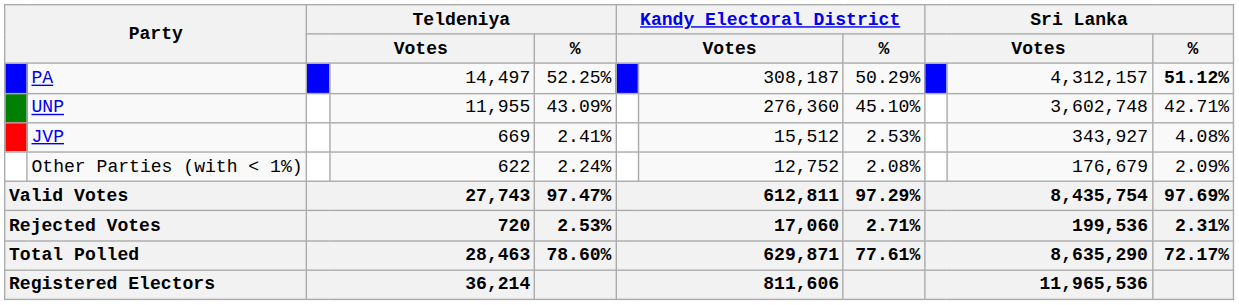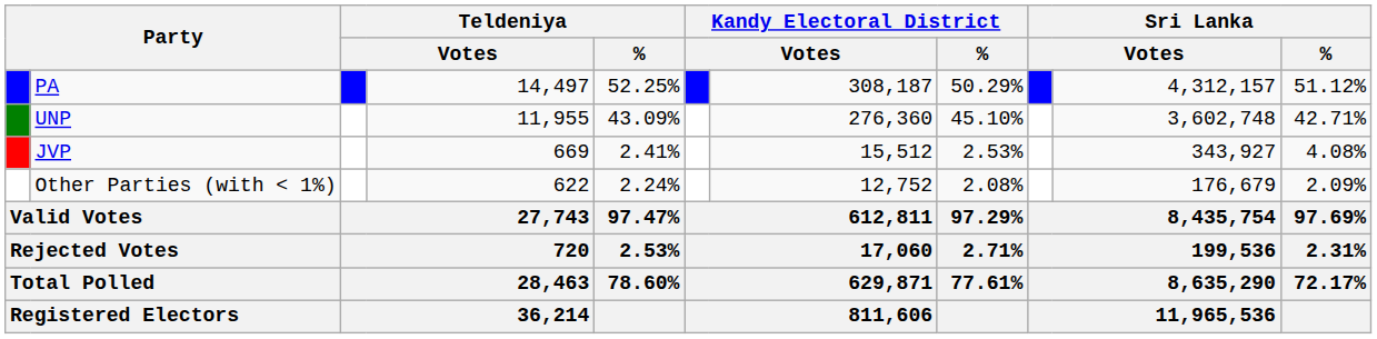 <table class="wikitable">
 <tr>
 <th colspan="2" width="144px"rowspan="2">Party</th>
 <th colspan="3" width="216px">Teldeniya</th>
 <th colspan="3" width="216px"><a href='#'>Kandy Electoral District</a></th>
 <th colspan="3" width="216px">Sri Lanka</th>
 </tr>
 <tr>
 <th colspan="2" width="144px">Votes</th>
 <th>%</th>
 <th colspan="2" width="144px">Votes</th>
 <th>%</th>
 <th colspan="2" width="144px">Votes</th>
 <th>%</th>
 </tr>
 <tr>
 <td style="background-color:blue;" width="10px"></td>
 <td style="text-align:left;"><a href='#'>PA</a></td>
 <td style="background-color:blue;" width="10px"></td>
 <td style="text-align:right;">14,497</td>
 <td style="text-align:right;">52.25%</td>
 <td style="background-color:blue;" width="10px"></td>
 <td style="text-align:right;">308,187</td>
 <td style="text-align:right;">50.29%</td>
 <td style="background-color:blue;" width="10px"></td>
 <td style="text-align:right;">4,312,157</td>
-<td style="text-align:right;"><strong>51.12%</strong></td>
+<td style="text-align:right;">51.12%</td>
 </tr>
 <tr>
 <td style="background-color:green;" width="10px"></td>
 <td style="text-align:left;"><a href='#'>UNP</a></td>
 <td style="background-color:white;" width="10px"></td>
 <td style="text-align:right;">11,955</td>
 <td style="text-align:right;">43.09%</td>
 <td style="background-color:white;" width="10px"></td>
 <td style="text-align:right;">276,360</td>
 <td style="text-align:right;">45.10%</td>
 <td style="background-color:white;" width="10px"></td>
 <td style="text-align:right;">3,602,748</td>
 <td style="text-align:right;">42.71%</td>
 </tr>
 <tr>
 <td style="background-color:red;" width="10px"></td>
 <td style="text-align:left;"><a href='#'>JVP</a></td>
 <td style="background-color:white;" width="10px"></td>
 <td style="text-align:right;">669</td>
 <td style="text-align:right;">2.41%</td>
 <td style="background-color:white;" width="10px"></td>
 <td style="text-align:right;">15,512</td>
 <td style="text-align:right;">2.53%</td>
 <td style="background-color:white;" width="10px"></td>
 <td style="text-align:right;">343,927</td>
 <td style="text-align:right;">4.08%</td>
 </tr>
 <tr>
 <td style="background-color:white;" width="10px"></td>
 <td style="text-align:left;">Other Parties (with < 1%)</td>
 <td style="background-color:white;" width="10px"></td>
 <td style="text-align:right;">622</td>
 <td style="text-align:right;">2.24%</td>
 <td style="background-color:white;" width="10px"></td>
 <td style="text-align:right;">12,752</td>
 <td style="text-align:right;">2.08%</td>
 <td style="background-color:white;" width="10px"></td>
 <td style="text-align:right;">176,679</td>
 <td style="text-align:right;">2.09%</td>
 </tr>
 <tr>
 <th colspan="2" width="144px"style="text-align:left;">Valid Votes</th>
 <th style="text-align:right;"colspan="2" width="144px">27,743</th>
 <th style="text-align:right;">97.47%</th>
 <th style="text-align:right;"colspan="2" width="144px">612,811</th>
 <th style="text-align:right;">97.29%</th>
 <th style="text-align:right;"colspan="2" width="144px">8,435,754</th>
 <th style="text-align:right;">97.69%</th>
 </tr>
 <tr>
 <th colspan="2" width="144px"style="text-align:left;">Rejected Votes</th>
 <th style="text-align:right;"colspan="2" width="144px">720</th>
 <th style="text-align:right;">2.53%</th>
 <th style="text-align:right;"colspan="2" width="144px">17,060</th>
 <th style="text-align:right;">2.71%</th>
 <th style="text-align:right;"colspan="2" width="144px">199,536</th>
 <th style="text-align:right;">2.31%</th>
 </tr>
 <tr>
 <th colspan="2" width="144px"style="text-align:left;">Total Polled</th>
 <th style="text-align:right;"colspan="2" width="144px">28,463</th>
 <th style="text-align:right;">78.60%</th>
 <th style="text-align:right;"colspan="2" width="144px">629,871</th>
 <th style="text-align:right;">77.61%</th>
 <th style="text-align:right;"colspan="2" width="144px">8,635,290</th>
 <th style="text-align:right;">72.17%</th>
 </tr>
 <tr>
 <th colspan="2" width="144px"style="text-align:left;">Registered Electors</th>
 <th style="text-align:right;"colspan="2" width="144px">36,214</th>
 <th></th>
 <th style="text-align:right;"colspan="2" width="144px">811,606</th>
 <th></th>
 <th style="text-align:right;"colspan="2" width="144px">11,965,536</th>
 <th></th>
 </tr>
 </table>
